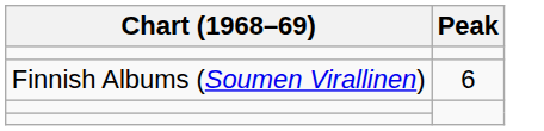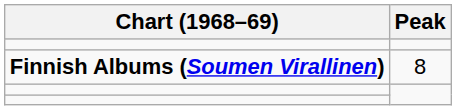 <table class="wikitable sortable">
 <tr>
 <th scope="col">Chart (1968–69)</th>
 <th scope="col">Peak</th>
 </tr>
 <tr>
 <td></td>
 </tr>
 <tr>
-<td>Finnish Albums (<a href='#'><em>Soumen Virallinen</em></a>)</td>
-<td style="text-align:center;">6</td>
+<td><strong>Finnish Albums (<a href='#'><em>Soumen Virallinen</em></a>)</strong></td>
+<td style="text-align:center;">8</td>
 </tr>
 <tr>
 <td></td>
 </tr>
 <tr>
 <td></td>
 </tr>
 </table>
